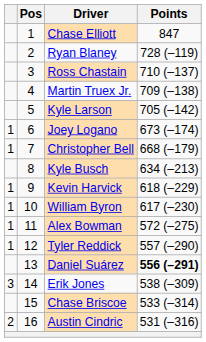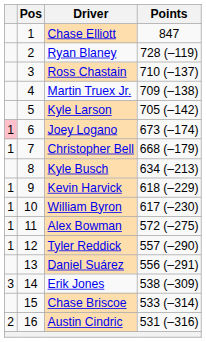 <table class="wikitable" style="font-size: 95%;">
 <tr>
 <th></th>
 <th>Pos</th>
 <th>Driver</th>
 <th>Points</th>
 </tr>
 <tr>
 <td align="left"></td>
 <td style="text-align:center;">1</td>
 <td style="background:#FFDEAD;"><a href='#'>Chase Elliott</a></td>
 <td style="text-align:center;">847</td>
 </tr>
 <tr>
 <td align="left"></td>
 <td style="text-align:center;">2</td>
 <td><a href='#'>Ryan Blaney</a></td>
 <td style="text-align:center;">728 (–119)</td>
 </tr>
 <tr>
 <td align="left"></td>
 <td style="text-align:center;">3</td>
 <td style="background:#FFDEAD;"><a href='#'>Ross Chastain</a></td>
 <td style="text-align:center;">710 (–137)</td>
 </tr>
 <tr>
 <td align="left"></td>
 <td style="text-align:center;">4</td>
 <td><a href='#'>Martin Truex Jr.</a></td>
 <td style="text-align:center;">709 (–138)</td>
 </tr>
 <tr>
 <td align="left"></td>
 <td style="text-align:center;">5</td>
 <td style="background:#FFDEAD;"><a href='#'>Kyle Larson</a></td>
 <td style="text-align:center;">705 (–142)</td>
 </tr>
 <tr>
-<td align="left"> 1</td>
+<td align="left" style="background: pink;"> 1</td>
 <td style="text-align:center;">6</td>
 <td style="background:#FFDEAD;"><a href='#'>Joey Logano</a></td>
 <td style="text-align:center;">673 (–174)</td>
 </tr>
 <tr>
 <td align="left"> 1</td>
 <td style="text-align:center;">7</td>
 <td style="background:#FFDEAD;"><a href='#'>Christopher Bell</a></td>
 <td style="text-align:center;">668 (–179)</td>
 </tr>
 <tr>
 <td align="left"></td>
 <td style="text-align:center;">8</td>
 <td style="background:#FFDEAD;"><a href='#'>Kyle Busch</a></td>
 <td style="text-align:center;">634 (–213)</td>
 </tr>
 <tr>
 <td align="left"> 1</td>
 <td style="text-align:center;">9</td>
 <td style="background:#FFDEAD;"><a href='#'>Kevin Harvick</a></td>
 <td style="text-align:center;">618 (–229)</td>
 </tr>
 <tr>
 <td align="left"> 1</td>
 <td style="text-align:center;">10</td>
 <td style="background:#FFDEAD;"><a href='#'>William Byron</a></td>
 <td style="text-align:center;">617 (–230)</td>
 </tr>
 <tr>
 <td align="left"> 1</td>
 <td style="text-align:center;">11</td>
 <td style="background:#FFDEAD;"><a href='#'>Alex Bowman</a></td>
 <td style="text-align:center;">572 (–275)</td>
 </tr>
 <tr>
 <td align="left"> 1</td>
 <td style="text-align:center;">12</td>
 <td style="background:#FFDEAD;"><a href='#'>Tyler Reddick</a></td>
 <td style="text-align:center;">557 (–290)</td>
 </tr>
 <tr>
 <td align="left"></td>
 <td style="text-align:center;">13</td>
 <td style="background:#FFDEAD;"><a href='#'>Daniel Suárez</a></td>
-<td style="text-align:center;"><strong>556 (–291)</strong></td>
+<td style="text-align:center;">556 (–291)</td>
 </tr>
 <tr>
 <td align="left"> 3</td>
 <td style="text-align:center;">14</td>
 <td><a href='#'>Erik Jones</a></td>
 <td style="text-align:center;">538 (–309)</td>
 </tr>
 <tr>
 <td align="left"></td>
 <td style="text-align:center;">15</td>
 <td style="background:#FFDEAD;"><a href='#'>Chase Briscoe</a></td>
 <td style="text-align:center;">533 (–314)</td>
 </tr>
 <tr>
 <td align="left"> 2</td>
 <td style="text-align:center;">16</td>
 <td style="background:#FFDEAD;"><a href='#'>Austin Cindric</a></td>
 <td style="text-align:center;">531 (–316)</td>
 </tr>
 <tr class="sortbottom">
 <th colspan="9"></th>
 </tr>
 </table>
